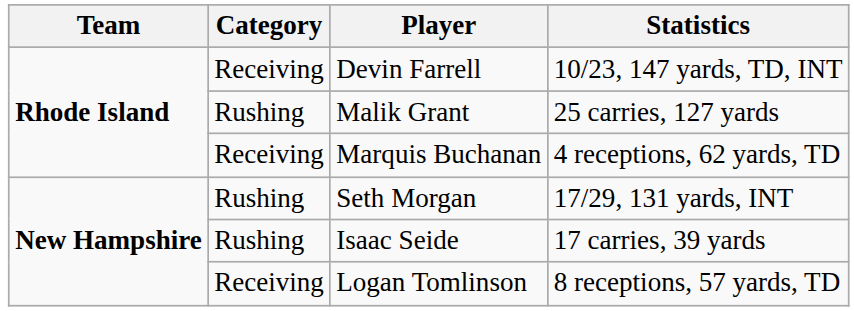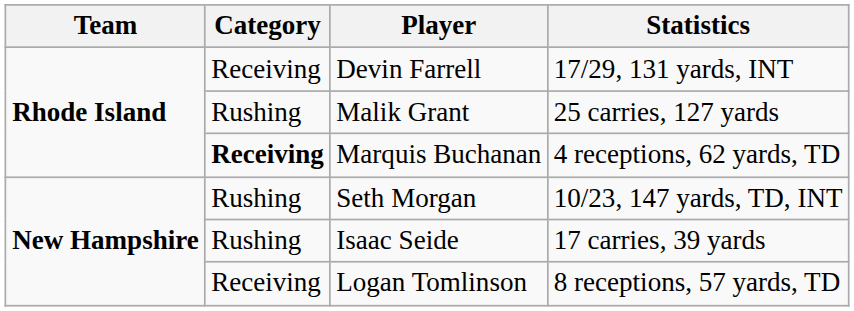 <table class="wikitable" style="float: right;">
 <tr>
 <th>Team</th>
 <th>Category</th>
 <th>Player</th>
 <th>Statistics</th>
 </tr>
 <tr>
 <td rowspan=3><strong>Rhode Island</strong></td>
 <td>Receiving</td>
 <td>Devin Farrell</td>
-<td>10/23, 147 yards, TD, INT</td>
+<td>17/29, 131 yards, INT</td>
 </tr>
 <tr>
 <td>Rushing</td>
 <td>Malik Grant</td>
 <td>25 carries, 127 yards</td>
 </tr>
 <tr>
-<td>Receiving</td>
+<td><strong>Receiving</strong></td>
 <td>Marquis Buchanan</td>
 <td>4 receptions, 62 yards, TD</td>
 </tr>
 <tr>
 <td rowspan=3><strong>New Hampshire</strong></td>
 <td>Rushing</td>
 <td>Seth Morgan</td>
-<td>17/29, 131 yards, INT</td>
+<td>10/23, 147 yards, TD, INT</td>
 </tr>
 <tr>
 <td>Rushing</td>
 <td>Isaac Seide</td>
 <td>17 carries, 39 yards</td>
 </tr>
 <tr>
 <td>Receiving</td>
 <td>Logan Tomlinson</td>
 <td>8 receptions, 57 yards, TD</td>
 </tr>
 </table>
